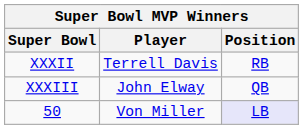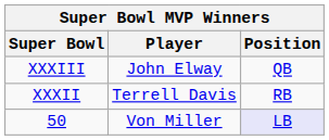 <table class="wikitable" style="text-align:center">
 <tr>
 <th colspan="3">Super Bowl MVP Winners</th>
 </tr>
 <tr>
 <th>Super Bowl</th>
 <th>Player</th>
 <th>Position</th>
 </tr>
 <tr>
+<td><a href='#'>XXXIII</a></td>
+<td><a href='#'>John Elway</a></td>
+<td><a href='#'>QB</a></td>
+</tr>
+<tr>
 <td><a href='#'>XXXII</a></td>
 <td><a href='#'>Terrell Davis</a></td>
 <td><a href='#'>RB</a></td>
-</tr>
-<tr>
-<td><a href='#'>XXXIII</a></td>
-<td><a href='#'>John Elway</a></td>
-<td><a href='#'>QB</a></td>
 </tr>
 <tr>
 <td><a href='#'>50</a></td>
 <td><a href='#'>Von Miller</a></td>
 <td style="background: lavender;"><a href='#'>LB</a></td>
 </tr>
 </table>
